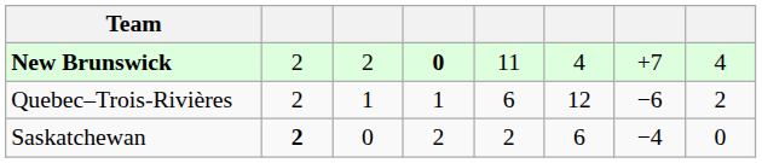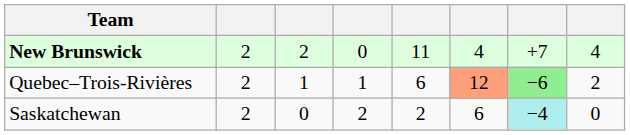 <table class="wikitable" style="text-align:center;">
 <tr>
 <th width=165>Team</th>
 <th width=40></th>
 <th width=40></th>
 <th width=40></th>
 <th width=40></th>
 <th width=40></th>
 <th width=40></th>
 <th width=40></th>
 </tr>
 <tr style="background:#ddffdd">
 <td style="text-align:left;"><strong>New Brunswick</strong></td>
 <td>2</td>
 <td>2</td>
-<td><strong>0</strong></td>
+<td>0</td>
 <td>11</td>
 <td>4</td>
 <td>+7</td>
 <td>4</td>
 </tr>
 <tr>
 <td style="text-align:left;">Quebec–Trois-Rivières</td>
 <td>2</td>
 <td>1</td>
 <td>1</td>
 <td>6</td>
-<td>12</td>
-<td>−6</td>
+<td style="background: lightsalmon;">12</td>
+<td style="background: lightgreen;">−6</td>
 <td>2</td>
 </tr>
 <tr>
 <td style="text-align:left;">Saskatchewan</td>
-<td><strong>2</strong></td>
+<td>2</td>
 <td>0</td>
 <td>2</td>
 <td>2</td>
 <td>6</td>
-<td>−4</td>
+<td style="background: paleturquoise;">−4</td>
 <td>0</td>
 </tr>
 </table>
